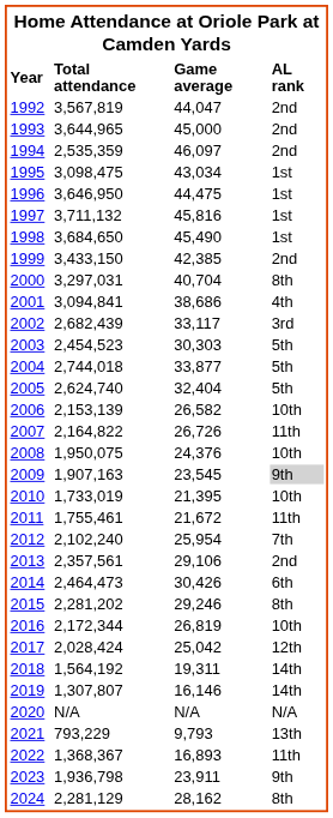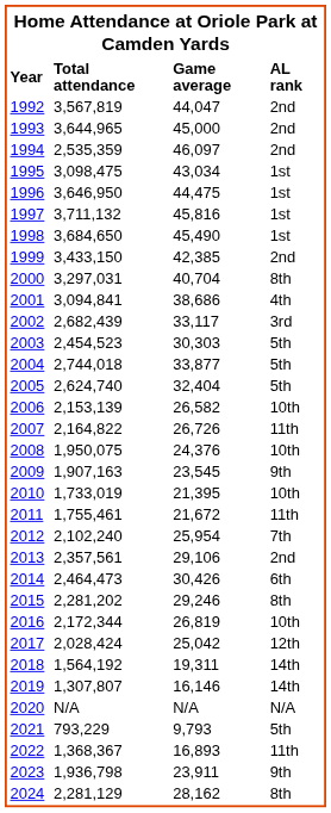 <table cellpadding="1" style="width:300px; font-size:90%; border:2px solid #DF4601;">
 <tr style="text-align:center; font-size:larger;">
 <td colspan=5><strong>Home Attendance at Oriole Park at Camden Yards</strong></td>
 </tr>
 <tr style=>
 <td><strong>Year</strong></td>
 <td><strong>Total attendance</strong></td>
 <td><strong>Game average</strong></td>
 <td><strong>AL rank</strong></td>
 </tr>
 <tr>
 <td><a href='#'>1992</a></td>
 <td>3,567,819</td>
 <td>44,047</td>
 <td>2nd</td>
 </tr>
 <tr>
 <td><a href='#'>1993</a></td>
 <td>3,644,965</td>
 <td>45,000</td>
 <td>2nd</td>
 </tr>
 <tr>
 <td><a href='#'>1994</a></td>
 <td>2,535,359</td>
 <td>46,097</td>
 <td>2nd</td>
 </tr>
 <tr>
 <td><a href='#'>1995</a></td>
 <td>3,098,475</td>
 <td>43,034</td>
 <td>1st</td>
 </tr>
 <tr>
 <td><a href='#'>1996</a></td>
 <td>3,646,950</td>
 <td>44,475</td>
 <td>1st</td>
 </tr>
 <tr>
 <td><a href='#'>1997</a></td>
 <td>3,711,132</td>
 <td>45,816</td>
 <td>1st</td>
 </tr>
 <tr>
 <td><a href='#'>1998</a></td>
 <td>3,684,650</td>
 <td>45,490</td>
 <td>1st</td>
 </tr>
 <tr>
 <td><a href='#'>1999</a></td>
 <td>3,433,150</td>
 <td>42,385</td>
 <td>2nd</td>
 </tr>
 <tr>
 <td><a href='#'>2000</a></td>
 <td>3,297,031</td>
 <td>40,704</td>
 <td>8th</td>
 </tr>
 <tr>
 <td><a href='#'>2001</a></td>
 <td>3,094,841</td>
 <td>38,686</td>
 <td>4th</td>
 </tr>
 <tr>
 <td><a href='#'>2002</a></td>
 <td>2,682,439</td>
 <td>33,117</td>
 <td>3rd</td>
 </tr>
 <tr>
 <td><a href='#'>2003</a></td>
 <td>2,454,523</td>
 <td>30,303</td>
 <td>5th</td>
 </tr>
 <tr>
 <td><a href='#'>2004</a></td>
 <td>2,744,018</td>
 <td>33,877</td>
 <td>5th</td>
 </tr>
 <tr>
 <td><a href='#'>2005</a></td>
 <td>2,624,740</td>
 <td>32,404</td>
 <td>5th</td>
 </tr>
 <tr>
 <td><a href='#'>2006</a></td>
 <td>2,153,139</td>
 <td>26,582</td>
 <td>10th</td>
 </tr>
 <tr>
 <td><a href='#'>2007</a></td>
 <td>2,164,822</td>
 <td>26,726</td>
 <td>11th</td>
 </tr>
 <tr>
 <td><a href='#'>2008</a></td>
 <td>1,950,075</td>
 <td>24,376</td>
 <td>10th</td>
 </tr>
 <tr>
 <td><a href='#'>2009</a></td>
 <td>1,907,163</td>
 <td>23,545</td>
-<td style="background: lightgrey;">9th</td>
+<td>9th</td>
 </tr>
 <tr>
 <td><a href='#'>2010</a></td>
 <td>1,733,019</td>
 <td>21,395</td>
 <td>10th</td>
 </tr>
 <tr>
 <td><a href='#'>2011</a></td>
 <td>1,755,461</td>
 <td>21,672</td>
 <td>11th</td>
 </tr>
 <tr>
 <td><a href='#'>2012</a></td>
 <td>2,102,240</td>
 <td>25,954</td>
 <td>7th</td>
 </tr>
 <tr>
 <td><a href='#'>2013</a></td>
 <td>2,357,561</td>
 <td>29,106</td>
 <td>2nd</td>
 </tr>
 <tr>
 <td><a href='#'>2014</a></td>
 <td>2,464,473</td>
 <td>30,426</td>
 <td>6th</td>
 </tr>
 <tr>
 <td><a href='#'>2015</a></td>
 <td>2,281,202</td>
 <td>29,246</td>
 <td>8th</td>
 </tr>
 <tr>
 <td><a href='#'>2016</a></td>
 <td>2,172,344</td>
 <td>26,819</td>
 <td>10th</td>
 </tr>
 <tr>
 <td><a href='#'>2017</a></td>
 <td>2,028,424</td>
 <td>25,042</td>
 <td>12th</td>
 </tr>
 <tr>
 <td><a href='#'>2018</a></td>
 <td>1,564,192</td>
 <td>19,311</td>
 <td>14th</td>
 </tr>
 <tr>
 <td><a href='#'>2019</a></td>
 <td>1,307,807</td>
 <td>16,146</td>
 <td>14th</td>
 </tr>
 <tr>
 <td><a href='#'>2020</a></td>
 <td>N/A</td>
 <td>N/A</td>
 <td>N/A</td>
 </tr>
 <tr>
 <td><a href='#'>2021</a></td>
 <td>793,229</td>
 <td>9,793</td>
-<td>13th</td>
+<td>5th</td>
 </tr>
 <tr>
 <td><a href='#'>2022</a></td>
 <td>1,368,367</td>
 <td>16,893</td>
 <td>11th</td>
 </tr>
 <tr>
 <td><a href='#'>2023</a></td>
 <td>1,936,798</td>
 <td>23,911</td>
 <td>9th</td>
 </tr>
 <tr>
 <td><a href='#'>2024</a></td>
 <td>2,281,129</td>
 <td>28,162</td>
 <td>8th</td>
 </tr>
 </table>
